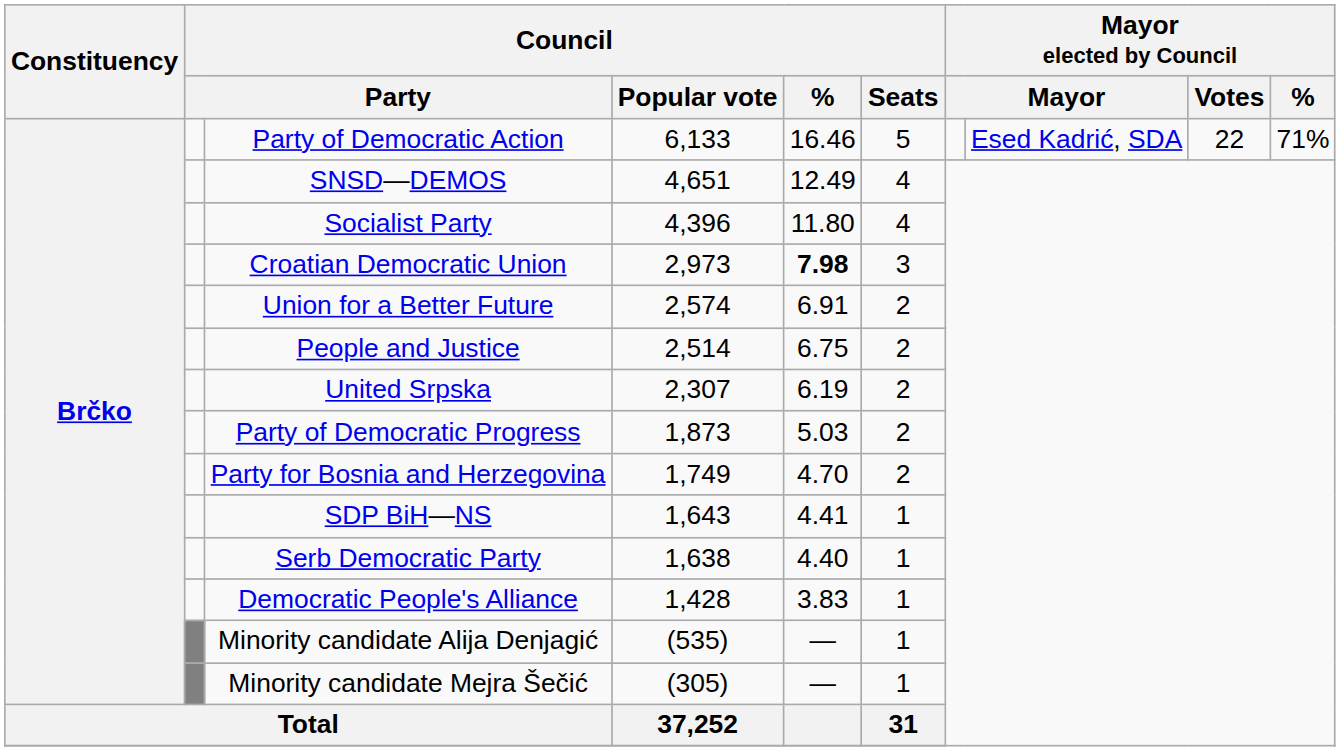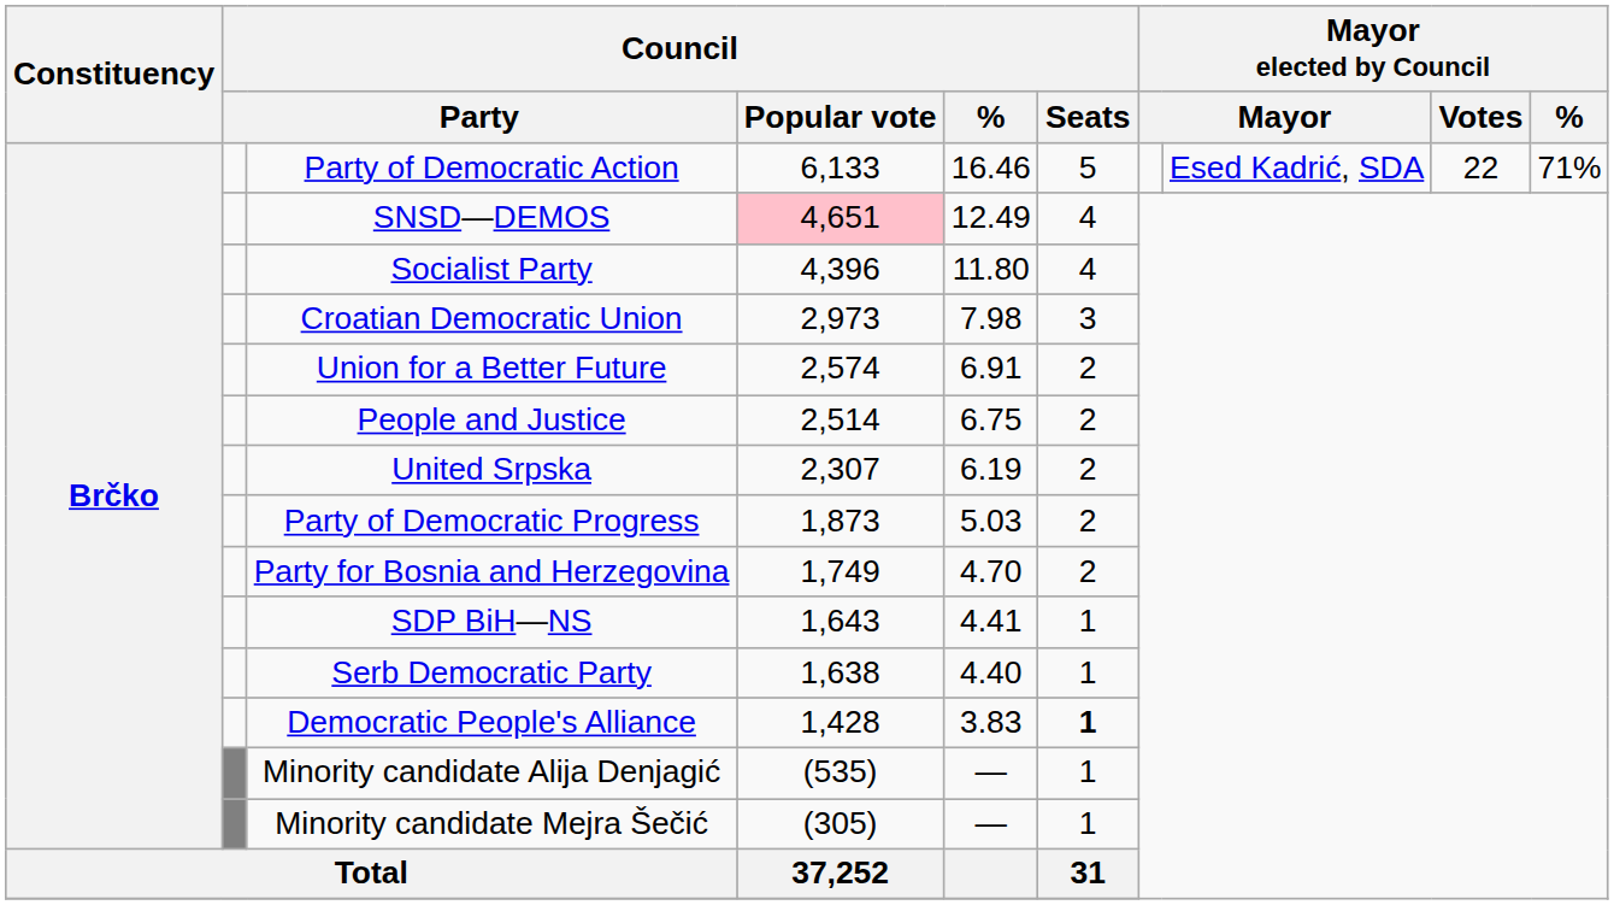 <table class="wikitable">
 <tr>
 <th rowspan=2>Constituency</th>
 <th colspan=5>Council</th>
 <th colspan=5>Mayor<br><small>elected by Council</small></th>
 </tr>
 <tr>
 <th colspan=2>Party</th>
 <th>Popular vote</th>
 <th>%</th>
 <th>Seats</th>
 <th colspan=2>Mayor</th>
 <th>Votes</th>
 <th>%</th>
 </tr>
 <tr>
 <th rowspan=14><a href='#'>Brčko</a></th>
 <td width=5px style="background-color:"></td>
 <td align=center><a href='#'>Party of Democratic Action</a></td>
 <td align=center>6,133</td>
 <td align=center>16.46</td>
 <td align=center>5</td>
 <td width=5px style="background-color:"></td>
 <td><a href='#'>Esed Kadrić</a>, <a href='#'>SDA</a></td>
 <td align=center>22</td>
 <td align=center>71%</td>
 </tr>
 <tr>
 <td width=5px style="background-color:"></td>
 <td align=center><a href='#'>SNSD</a>—<a href='#'>DEMOS</a></td>
-<td align=center>4,651</td>
+<td align=center style="background: pink;">4,651</td>
 <td align=center>12.49</td>
 <td align=center>4</td>
 </tr>
 <tr>
 <td width=5px style="background-color:"></td>
 <td align=center><a href='#'>Socialist Party</a></td>
 <td align=center>4,396</td>
 <td align=center>11.80</td>
 <td align=center>4</td>
 </tr>
 <tr>
 <td width=5px style="background-color:"></td>
 <td align=center><a href='#'>Croatian Democratic Union</a></td>
 <td align=center>2,973</td>
-<td align=center><strong>7.98</strong></td>
+<td align=center>7.98</td>
 <td align=center>3</td>
 </tr>
 <tr>
 <td width=5px style="background-color:"></td>
 <td align=center><a href='#'>Union for a Better Future</a></td>
 <td align=center>2,574</td>
 <td align=center>6.91</td>
 <td align=center>2</td>
 </tr>
 <tr>
 <td width=5px style="background-color:"></td>
 <td align=center><a href='#'>People and Justice</a></td>
 <td align=center>2,514</td>
 <td align=center>6.75</td>
 <td align=center>2</td>
 </tr>
 <tr>
 <td width=5px style="background-color:"></td>
 <td align=center><a href='#'>United Srpska</a></td>
 <td align=center>2,307</td>
 <td align=center>6.19</td>
 <td align=center>2</td>
 </tr>
 <tr>
 <td width=5px style="background-color:"></td>
 <td align=center><a href='#'>Party of Democratic Progress</a></td>
 <td align=center>1,873</td>
 <td align=center>5.03</td>
 <td align=center>2</td>
 </tr>
 <tr>
 <td width=5px style="background-color:"></td>
 <td align=center><a href='#'>Party for Bosnia and Herzegovina</a></td>
 <td align=center>1,749</td>
 <td align=center>4.70</td>
 <td align=center>2</td>
 </tr>
 <tr>
 <td width=5px style="background-color:"></td>
 <td align=center><a href='#'>SDP BiH</a>—<a href='#'>NS</a></td>
 <td align=center>1,643</td>
 <td align=center>4.41</td>
 <td align=center>1</td>
 </tr>
 <tr>
 <td width=5px style="background-color:"></td>
 <td align=center><a href='#'>Serb Democratic Party</a></td>
 <td align=center>1,638</td>
 <td align=center>4.40</td>
 <td align=center>1</td>
 </tr>
 <tr>
 <td width=5px style="background-color:"></td>
 <td align=center><a href='#'>Democratic People's Alliance</a></td>
 <td align=center>1,428</td>
 <td align=center>3.83</td>
-<td align=center>1</td>
+<td align=center><strong>1</strong></td>
 </tr>
 <tr>
 <td width=5px style="background-color:grey"></td>
 <td align=center>Minority candidate Alija Denjagić</td>
 <td align=center>(535)</td>
 <td align=center>—</td>
 <td align=center>1</td>
 </tr>
 <tr>
 <td width=5px style="background-color:grey"></td>
 <td align=center>Minority candidate Mejra Šečić</td>
 <td align=center>(305)</td>
 <td align=center>—</td>
 <td align=center>1</td>
 </tr>
 <tr>
 <th colspan=3><strong>Total</strong></th>
 <th align=center>37,252</th>
 <th align=center></th>
 <th align=center>31</th>
 </tr>
 <tr>
 </tr>
 </table>
